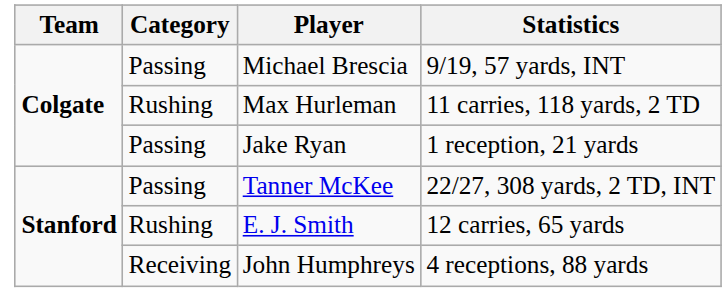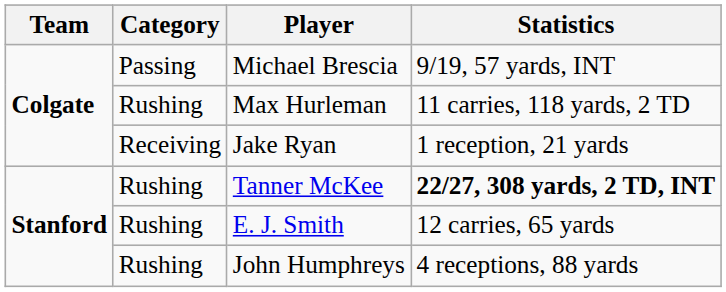 <table class="wikitable" style="float: right;">
 <tr>
 <th>Team</th>
 <th>Category</th>
 <th>Player</th>
 <th>Statistics</th>
 </tr>
 <tr>
 <td rowspan=3><strong>Colgate</strong></td>
 <td>Passing</td>
 <td>Michael Brescia</td>
 <td>9/19, 57 yards, INT</td>
 </tr>
 <tr>
 <td>Rushing</td>
 <td>Max Hurleman</td>
 <td>11 carries, 118 yards, 2 TD</td>
 </tr>
 <tr>
-<td>Passing</td>
+<td>Receiving</td>
 <td>Jake Ryan</td>
 <td>1 reception, 21 yards</td>
 </tr>
 <tr>
 <td rowspan=3><strong>Stanford</strong></td>
-<td>Passing</td>
+<td>Rushing</td>
 <td><a href='#'>Tanner McKee</a></td>
-<td>22/27, 308 yards, 2 TD, INT</td>
+<td><strong>22/27, 308 yards, 2 TD, INT</strong></td>
 </tr>
 <tr>
 <td>Rushing</td>
 <td><a href='#'>E. J. Smith</a></td>
 <td>12 carries, 65 yards</td>
 </tr>
 <tr>
-<td>Receiving</td>
+<td>Rushing</td>
 <td>John Humphreys</td>
 <td>4 receptions, 88 yards</td>
 </tr>
 </table>
